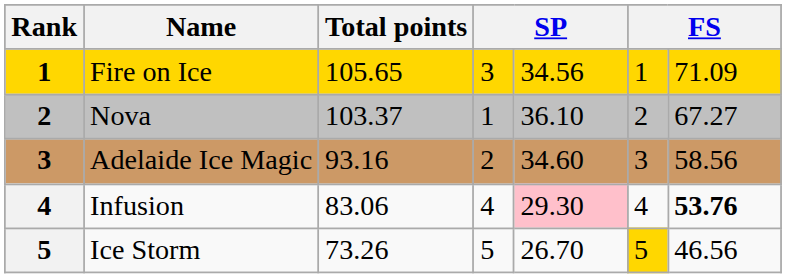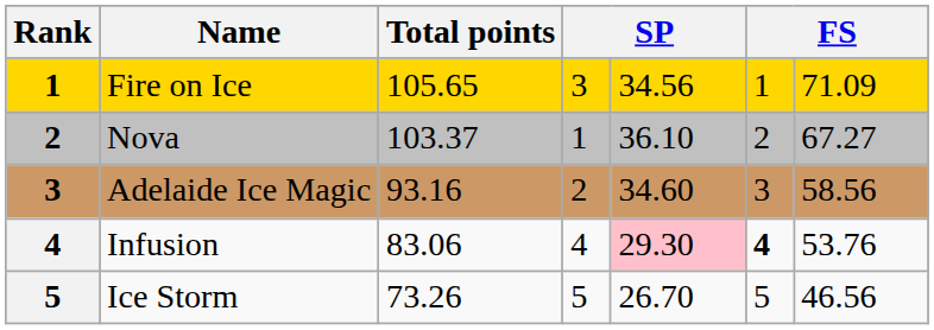 <table class="wikitable sortable">
 <tr>
 <th>Rank</th>
 <th>Name</th>
 <th>Total points</th>
 <th colspan="2" width="80px"><a href='#'>SP</a></th>
 <th colspan="2" width="80px"><a href='#'>FS</a></th>
 </tr>
 <tr bgcolor="gold">
 <td align="center"><strong>1</strong></td>
 <td>Fire on Ice</td>
 <td>105.65</td>
 <td>3</td>
 <td>34.56</td>
 <td>1</td>
 <td>71.09</td>
 </tr>
 <tr bgcolor="silver">
 <td align="center"><strong>2</strong></td>
 <td>Nova</td>
 <td>103.37</td>
 <td>1</td>
 <td>36.10</td>
 <td>2</td>
 <td>67.27</td>
 </tr>
 <tr bgcolor="cc9966">
 <td align="center"><strong>3</strong></td>
 <td>Adelaide Ice Magic</td>
 <td>93.16</td>
 <td>2</td>
 <td>34.60</td>
 <td>3</td>
 <td>58.56</td>
 </tr>
 <tr>
 <th>4</th>
 <td>Infusion</td>
 <td>83.06</td>
 <td>4</td>
 <td style="background: pink;">29.30</td>
-<td>4</td>
-<td><strong>53.76</strong></td>
+<td><strong>4</strong></td>
+<td>53.76</td>
 </tr>
 <tr>
 <th>5</th>
 <td>Ice Storm</td>
 <td>73.26</td>
 <td>5</td>
 <td>26.70</td>
-<td style="background: gold;">5</td>
+<td>5</td>
 <td>46.56</td>
 </tr>
 </table>
